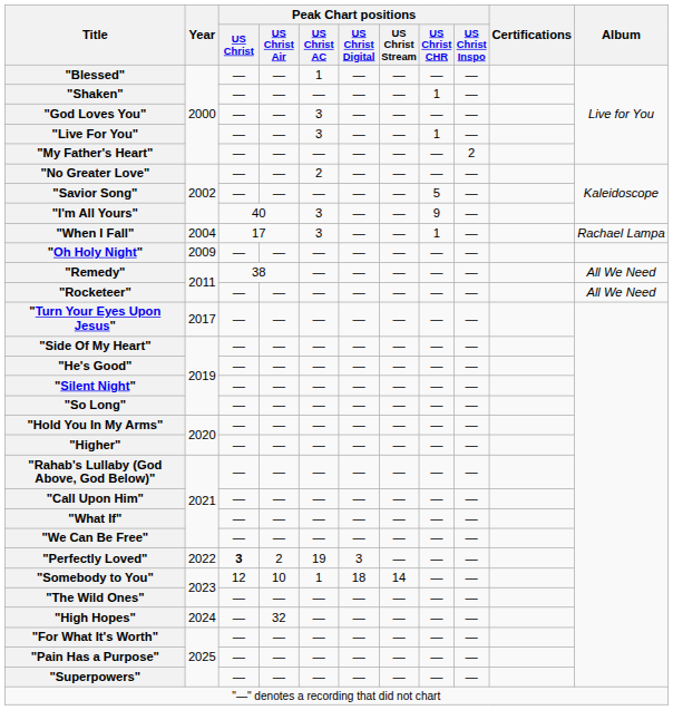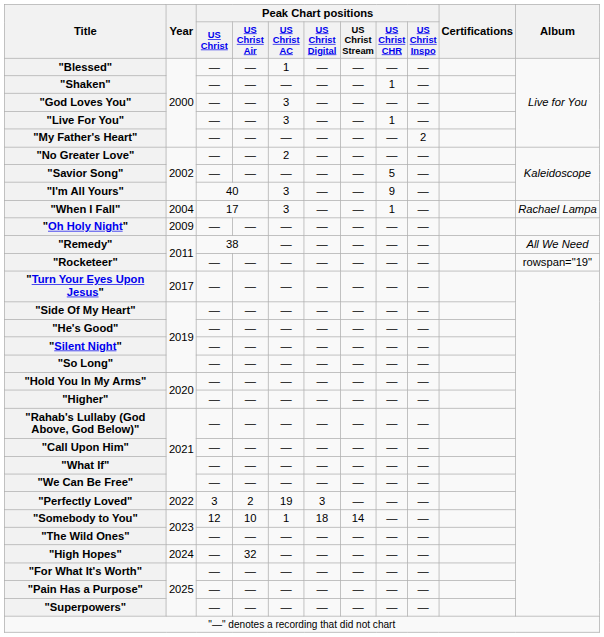 <table class="wikitable plainrowheaders" style="text-align:center;">
 <tr>
 <th rowspan="2" style="width:14em;">Title</th>
 <th rowspan="2">Year</th>
 <th colspan="7">Peak Chart positions</th>
 <th rowspan="2">Certifications</th>
 <th rowspan="2">Album</th>
 </tr>
 <tr style="font-size:smaller;">
 <th width="45"><a href='#'>US<br>Christ</a><br></th>
 <th width="45"><a href='#'>US<br>Christ<br>Air</a><br></th>
 <th width="45"><a href='#'>US<br>Christ<br>AC</a><br></th>
 <th width="45"><a href='#'>US<br>Christ<br>Digital</a><br></th>
 <th width="45">US<br>Christ<br>Stream<br></th>
 <th><a href='#'>US<br>Christ<br>CHR</a><br></th>
 <th><a href='#'>US<br>Christ<br>Inspo</a><br></th>
 </tr>
 <tr>
 <th scope="row">"Blessed"</th>
 <td rowspan="5">2000</td>
 <td>—</td>
 <td>—</td>
 <td>1</td>
 <td>—</td>
 <td>—</td>
 <td>—</td>
 <td>—</td>
 <td></td>
 <td rowspan="5"><em>Live for You</em></td>
 </tr>
 <tr>
 <th scope="row">"Shaken"</th>
 <td>—</td>
 <td>—</td>
 <td>—</td>
 <td>—</td>
 <td>—</td>
 <td>1</td>
 <td>—</td>
 <td></td>
 </tr>
 <tr>
 <th scope="row">"God Loves You"</th>
 <td>—</td>
 <td>—</td>
 <td>3</td>
 <td>—</td>
 <td>—</td>
 <td>—</td>
 <td>—</td>
 <td></td>
 </tr>
 <tr>
 <th scope="row">"Live For You"</th>
 <td>—</td>
 <td>—</td>
 <td>3</td>
 <td>—</td>
 <td>—</td>
 <td>1</td>
 <td>—</td>
 <td></td>
 </tr>
 <tr>
 <th scope="row">"My Father's Heart"</th>
 <td>—</td>
 <td>—</td>
 <td>—</td>
 <td>—</td>
 <td>—</td>
 <td>—</td>
 <td>2</td>
 <td></td>
 </tr>
 <tr>
 <th scope="row">"No Greater Love"</th>
 <td rowspan="3">2002</td>
 <td>—</td>
 <td>—</td>
 <td>2</td>
 <td>—</td>
 <td>—</td>
 <td>—</td>
 <td>—</td>
 <td></td>
 <td rowspan="3"><em>Kaleidoscope</em></td>
 </tr>
 <tr>
 <th scope="row">"Savior Song"</th>
 <td>—</td>
 <td>—</td>
 <td>—</td>
 <td>—</td>
 <td>—</td>
 <td>5</td>
 <td>—</td>
 <td></td>
 </tr>
 <tr>
 <th scope="row">"I'm All Yours"</th>
 <td colspan="2">40</td>
 <td>3</td>
 <td>—</td>
 <td>—</td>
 <td>9</td>
 <td>—</td>
 <td></td>
 </tr>
 <tr>
 <th scope="row">"When I Fall"</th>
 <td>2004</td>
 <td colspan="2">17</td>
 <td>3</td>
 <td>—</td>
 <td>—</td>
 <td>1</td>
 <td>—</td>
 <td></td>
 <td><em>Rachael Lampa</em></td>
 </tr>
 <tr>
 <th scope="row">"<a href='#'>Oh Holy Night</a>"</th>
 <td>2009</td>
 <td>—</td>
 <td>—</td>
 <td>—</td>
 <td>—</td>
 <td>—</td>
 <td>—</td>
 <td>—</td>
 <td></td>
 <td></td>
 </tr>
 <tr>
 <th scope="row">"Remedy"</th>
 <td rowspan="2">2011</td>
 <td colspan="2">38</td>
 <td>—</td>
 <td>—</td>
 <td>—</td>
 <td>—</td>
 <td>—</td>
 <td></td>
 <td><em>All We Need</em></td>
 </tr>
 <tr>
 <th scope="row">"Rocketeer"</th>
 <td>—</td>
 <td>—</td>
 <td>—</td>
 <td>—</td>
 <td>—</td>
 <td>—</td>
 <td>—</td>
 <td></td>
-<td><em>All We Need</em></td>
+<td>rowspan="19" </td>
 </tr>
 <tr>
 <th scope="row">"<a href='#'>Turn Your Eyes Upon Jesus</a>"</th>
 <td>2017</td>
 <td>—</td>
 <td>—</td>
 <td>—</td>
 <td>—</td>
 <td>—</td>
 <td>—</td>
 <td>—</td>
 <td></td>
 </tr>
 <tr>
 <th scope="row">"Side Of My Heart"</th>
 <td rowspan="4">2019</td>
 <td>—</td>
 <td>—</td>
 <td>—</td>
 <td>—</td>
 <td>—</td>
 <td>—</td>
 <td>—</td>
 <td></td>
 </tr>
 <tr>
 <th scope="row">"He's Good"</th>
 <td>—</td>
 <td>—</td>
 <td>—</td>
 <td>—</td>
 <td>—</td>
 <td>—</td>
 <td>—</td>
 <td></td>
 </tr>
 <tr>
 <th scope="row">"<a href='#'>Silent Night</a>"</th>
 <td>—</td>
 <td>—</td>
 <td>—</td>
 <td>—</td>
 <td>—</td>
 <td>—</td>
 <td>—</td>
 <td></td>
 </tr>
 <tr>
 <th scope="row">"So Long"</th>
 <td>—</td>
 <td>—</td>
 <td>—</td>
 <td>—</td>
 <td>—</td>
 <td>—</td>
 <td>—</td>
 <td></td>
 </tr>
 <tr>
 <th scope="row">"Hold You In My Arms"</th>
 <td rowspan="2">2020</td>
 <td>—</td>
 <td>—</td>
 <td>—</td>
 <td>—</td>
 <td>—</td>
 <td>—</td>
 <td>—</td>
 <td></td>
 </tr>
 <tr>
 <th scope="row">"Higher"</th>
 <td>—</td>
 <td>—</td>
 <td>—</td>
 <td>—</td>
 <td>—</td>
 <td>—</td>
 <td>—</td>
 <td></td>
 </tr>
 <tr>
 <th scope="row">"Rahab's Lullaby (God Above, God Below)"</th>
 <td rowspan="4">2021</td>
 <td>—</td>
 <td>—</td>
 <td>—</td>
 <td>—</td>
 <td>—</td>
 <td>—</td>
 <td>—</td>
 <td></td>
 </tr>
 <tr>
 <th scope="row">"Call Upon Him"</th>
 <td>—</td>
 <td>—</td>
 <td>—</td>
 <td>—</td>
 <td>—</td>
 <td>—</td>
 <td>—</td>
 <td></td>
 </tr>
 <tr>
 <th scope="row">"What If"</th>
 <td>—</td>
 <td>—</td>
 <td>—</td>
 <td>—</td>
 <td>—</td>
 <td>—</td>
 <td>—</td>
 <td></td>
 </tr>
 <tr>
 <th scope="row">"We Can Be Free"</th>
 <td>—</td>
 <td>—</td>
 <td>—</td>
 <td>—</td>
 <td>—</td>
 <td>—</td>
 <td>—</td>
 <td></td>
 </tr>
 <tr>
 <th scope="row">"Perfectly Loved"</th>
 <td>2022</td>
-<td><strong>3</strong></td>
+<td>3</td>
 <td>2</td>
 <td>19</td>
 <td>3</td>
 <td>—</td>
 <td>—</td>
 <td>—</td>
 <td></td>
 </tr>
 <tr>
 <th scope="row">"Somebody to You"</th>
 <td rowspan="2">2023</td>
 <td>12</td>
 <td>10</td>
 <td>1</td>
 <td>18</td>
 <td>14</td>
 <td>—</td>
 <td>—</td>
 <td></td>
 </tr>
 <tr>
 <th scope="row">"The Wild Ones"</th>
 <td>—</td>
 <td>—</td>
 <td>—</td>
 <td>—</td>
 <td>—</td>
 <td>—</td>
 <td>—</td>
 <td></td>
 </tr>
 <tr>
 <th scope="row">"High Hopes"</th>
 <td>2024</td>
 <td>—</td>
 <td>32</td>
 <td>—</td>
 <td>—</td>
 <td>—</td>
 <td>—</td>
 <td>—</td>
 <td></td>
 </tr>
 <tr>
 <th scope="row">"For What It's Worth"</th>
 <td rowspan="3">2025</td>
 <td>—</td>
 <td>—</td>
 <td>—</td>
 <td>—</td>
 <td>—</td>
 <td>—</td>
 <td>—</td>
 <td></td>
 </tr>
 <tr>
 <th scope="row">"Pain Has a Purpose"</th>
 <td>—</td>
 <td>—</td>
 <td>—</td>
 <td>—</td>
 <td>—</td>
 <td>—</td>
 <td>—</td>
 <td></td>
 </tr>
 <tr>
 <th scope="row">"Superpowers"</th>
 <td>—</td>
 <td>—</td>
 <td>—</td>
 <td>—</td>
 <td>—</td>
 <td>—</td>
 <td>—</td>
 <td></td>
 </tr>
 <tr>
 <td colspan="11" style="font-size:90%">"—" denotes a recording that did not chart</td>
 </tr>
 </table>
